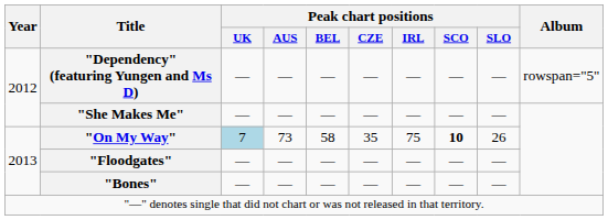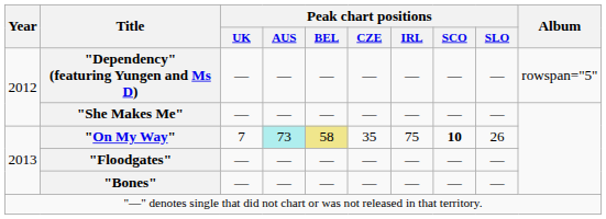 <table class="wikitable plainrowheaders" style="text-align:center;">
 <tr>
 <th scope="col" rowspan="2" style="width:1em;">Year</th>
 <th scope="col" rowspan="2" style="width:12em;">Title</th>
 <th scope="col" colspan="7">Peak chart positions</th>
 <th scope="col" rowspan="2">Album</th>
 </tr>
 <tr>
 <th scope="col" style="width:3em;font-size:85%;"><a href='#'>UK</a><br></th>
 <th scope="col" style="width:3em;font-size:85%;"><a href='#'>AUS</a><br></th>
 <th scope="col" style="width:3em;font-size:85%;"><a href='#'>BEL</a><br></th>
 <th scope="col" style="width:3em;font-size:85%;"><a href='#'>CZE</a><br></th>
 <th scope="col" style="width:3em;font-size:85%;"><a href='#'>IRL</a><br></th>
 <th scope="col" style="width:3em;font-size:85%;"><a href='#'>SCO</a><br></th>
 <th scope="col" style="width:3em;font-size:85%;"><a href='#'>SLO</a><br></th>
 </tr>
 <tr>
 <td rowspan="2">2012</td>
 <th scope="row">"Dependency"<br><span>(featuring Yungen and <a href='#'>Ms D</a>)</span></th>
 <td>—</td>
 <td>—</td>
 <td>—</td>
 <td>—</td>
 <td>—</td>
 <td>—</td>
 <td>—</td>
 <td>rowspan="5" </td>
 </tr>
 <tr>
 <th scope="row">"She Makes Me"</th>
 <td>—</td>
 <td>—</td>
 <td>—</td>
 <td>—</td>
 <td>—</td>
 <td>—</td>
 <td>—</td>
 </tr>
 <tr>
 <td rowspan="3">2013</td>
 <th scope="row">"<a href='#'>On My Way</a>"</th>
-<td style="background: lightblue;">7</td>
-<td>73</td>
-<td>58</td>
+<td>7</td>
+<td style="background: paleturquoise;">73</td>
+<td style="background: khaki;">58</td>
 <td>35</td>
 <td>75</td>
 <td><strong>10</strong></td>
 <td>26</td>
 </tr>
 <tr>
 <th scope="row">"Floodgates"</th>
 <td>—</td>
 <td>—</td>
 <td>—</td>
 <td>—</td>
 <td>—</td>
 <td>—</td>
 <td>—</td>
 </tr>
 <tr>
 <th scope="row">"Bones"</th>
 <td>—</td>
 <td>—</td>
 <td>—</td>
 <td>—</td>
 <td>—</td>
 <td>—</td>
 <td>—</td>
 </tr>
 <tr>
 <td colspan="18" style="font-size:85%">"—" denotes single that did not chart or was not released in that territory.</td>
 </tr>
 </table>
